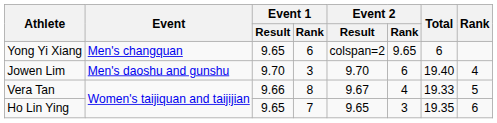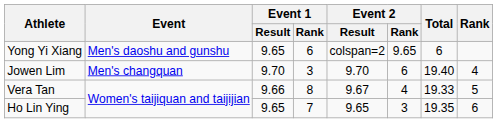 <table class=wikitable style=font-size:90%;text-align:center>
 <tr>
 <th rowspan="2">Athlete</th>
 <th rowspan="2">Event</th>
 <th colspan="2">Event 1</th>
 <th colspan="2">Event 2</th>
 <th rowspan="2">Total</th>
 <th rowspan="2">Rank</th>
 </tr>
 <tr style="font-size:95%">
 <th>Result</th>
 <th>Rank</th>
 <th>Result</th>
 <th>Rank</th>
 </tr>
 <tr>
 <td align=left>Yong Yi Xiang</td>
-<td align=left><a href='#'>Men's changquan</a></td>
+<td align=left><a href='#'>Men's daoshu and gunshu</a></td>
 <td>9.65</td>
 <td>6</td>
 <td>colspan=2 </td>
 <td>9.65</td>
 <td>6</td>
 </tr>
 <tr>
 <td align=left>Jowen Lim</td>
-<td align=left><a href='#'>Men's daoshu and gunshu</a></td>
+<td align=left><a href='#'>Men's changquan</a></td>
 <td>9.70</td>
 <td>3</td>
 <td>9.70</td>
 <td>6</td>
 <td>19.40</td>
 <td>4</td>
 </tr>
 <tr>
 <td align=left>Vera Tan</td>
 <td align=left rowspan=2><a href='#'>Women's taijiquan and taijijian</a></td>
 <td>9.66</td>
 <td>8</td>
 <td>9.67</td>
 <td>4</td>
 <td>19.33</td>
 <td>5</td>
 </tr>
 <tr>
 <td align=left>Ho Lin Ying</td>
 <td>9.65</td>
 <td>7</td>
 <td>9.65</td>
 <td>3</td>
 <td>19.35</td>
 <td>6</td>
 </tr>
 </table>
